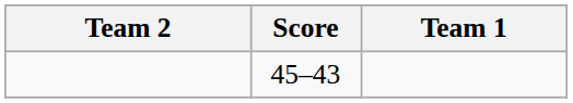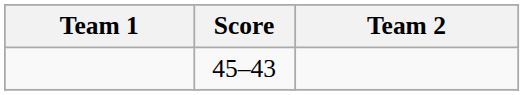 <table class="wikitable" style="text-align: center; font-size:90% ">
 <tr>
+<th align="right" width="100">Team 1</th>
+<th width="50">Score</th>
 <th align="left" width="120">Team 2</th>
-<th width="50">Score</th>
-<th align="right" width="100">Team 1</th>
 </tr>
 <tr>
+<td align=right><strong></strong></td>
+<td align=center>45–43</td>
 <td align=left></td>
-<td align=center>45–43</td>
-<td align=right><strong></strong></td>
 </tr>
 </table>
